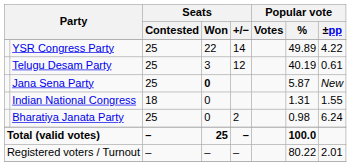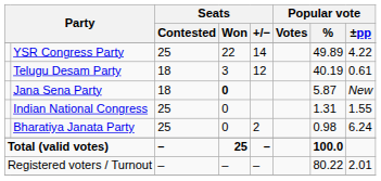 <table class="wikitable">
 <tr>
 <th colspan=2 rowspan="2">Party</th>
 <th colspan="3">Seats</th>
 <th colspan="3">Popular vote</th>
 </tr>
 <tr>
 <th>Contested</th>
 <th>Won</th>
 <th><strong>+/−</strong></th>
 <th>Votes</th>
 <th>%</th>
 <th>±<a href='#'>pp</a></th>
 </tr>
 <tr>
 </tr>
 <tr>
 <td style="background-color:"></td>
 <td style="text-align:left;"><a href='#'>YSR Congress Party</a></td>
 <td>25</td>
 <td>22</td>
 <td>14</td>
 <td></td>
 <td>49.89</td>
 <td>4.22</td>
 </tr>
 <tr>
 <td style="background-color:"></td>
 <td style="text-align:left;"><a href='#'>Telugu Desam Party</a></td>
-<td>25</td>
+<td>18</td>
 <td>3</td>
 <td>12</td>
 <td></td>
 <td>40.19</td>
 <td>0.61</td>
 </tr>
 <tr>
 <td style="background-color:"></td>
 <td style="text-align:left;"><a href='#'>Jana Sena Party</a></td>
-<td>25</td>
+<td>18</td>
 <td><strong>0</strong></td>
 <td></td>
 <td></td>
 <td>5.87</td>
 <td><em>New</em></td>
 </tr>
 <tr>
 <td style="background-color:"></td>
 <td style="text-align:left;"><a href='#'>Indian National Congress</a></td>
-<td>18</td>
+<td>25</td>
 <td>0</td>
 <td></td>
 <td></td>
 <td>1.31</td>
 <td>1.55</td>
 </tr>
 <tr>
 <td style="background-color:"></td>
 <td style="text-align:left;"><a href='#'>Bharatiya Janata Party</a></td>
 <td>25</td>
 <td>0</td>
 <td>2</td>
 <td></td>
 <td>0.98</td>
 <td>6.24</td>
 </tr>
 <tr>
 </tr>
 <tr style="font-weight:bold;">
 <td colspan=2 style="text-align:left">Total (valid votes)</td>
 <td>–</td>
 <td align="right">25</td>
 <td align="right">–</td>
 <td></td>
 <td>100.0</td>
 <td></td>
 </tr>
 <tr>
 <td colspan=2 style="text-align:left;">Registered voters / Turnout</td>
 <td>–</td>
 <td>–</td>
 <td>–</td>
 <td></td>
 <td>80.22</td>
 <td>2.01</td>
 </tr>
 <tr>
 </tr>
 </table>
